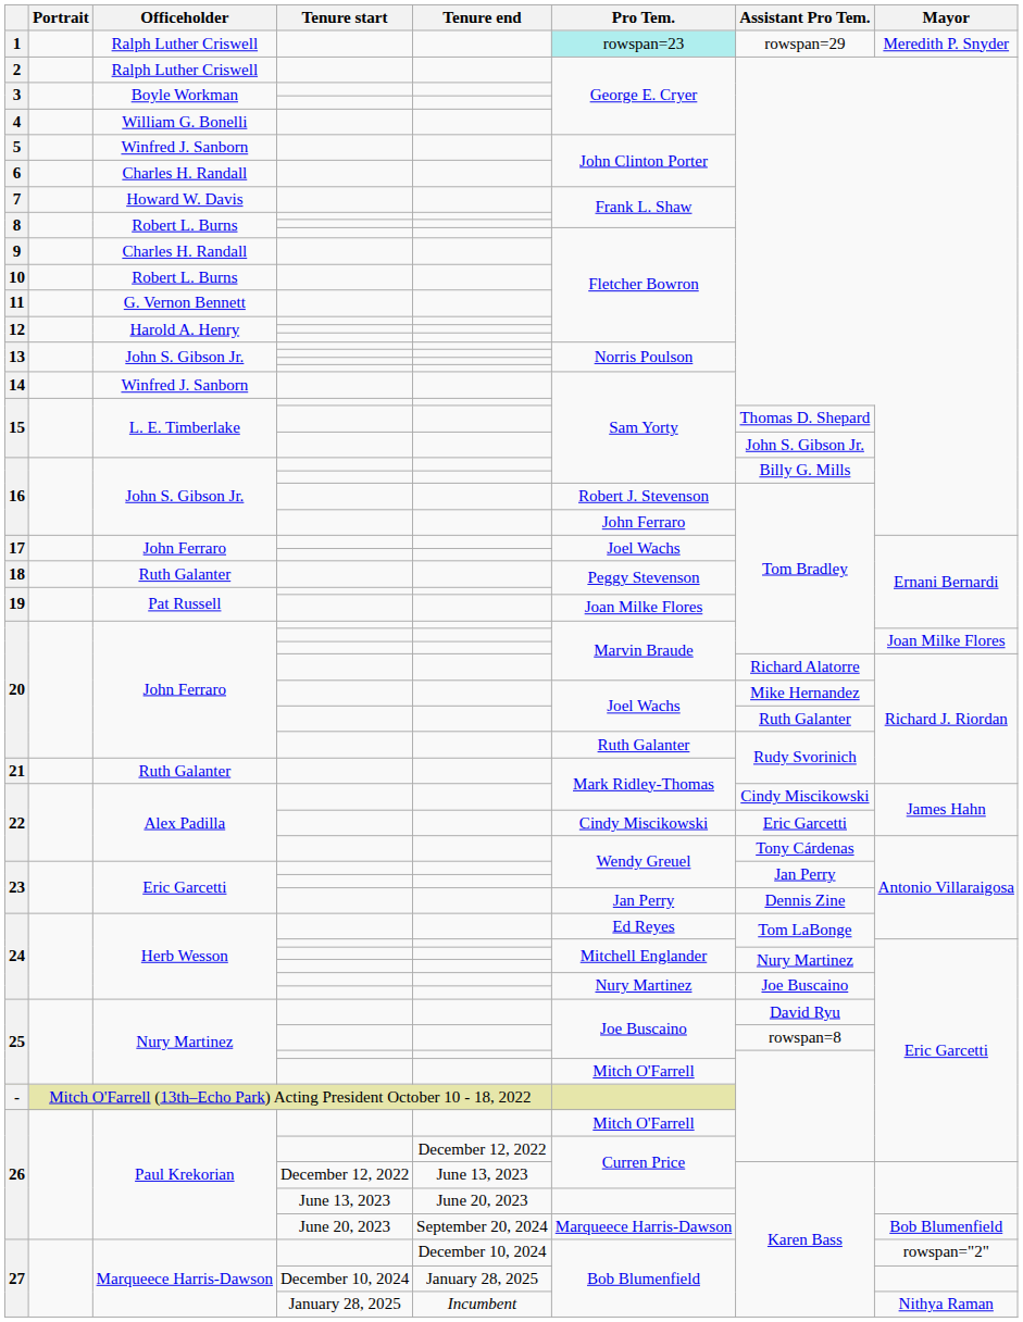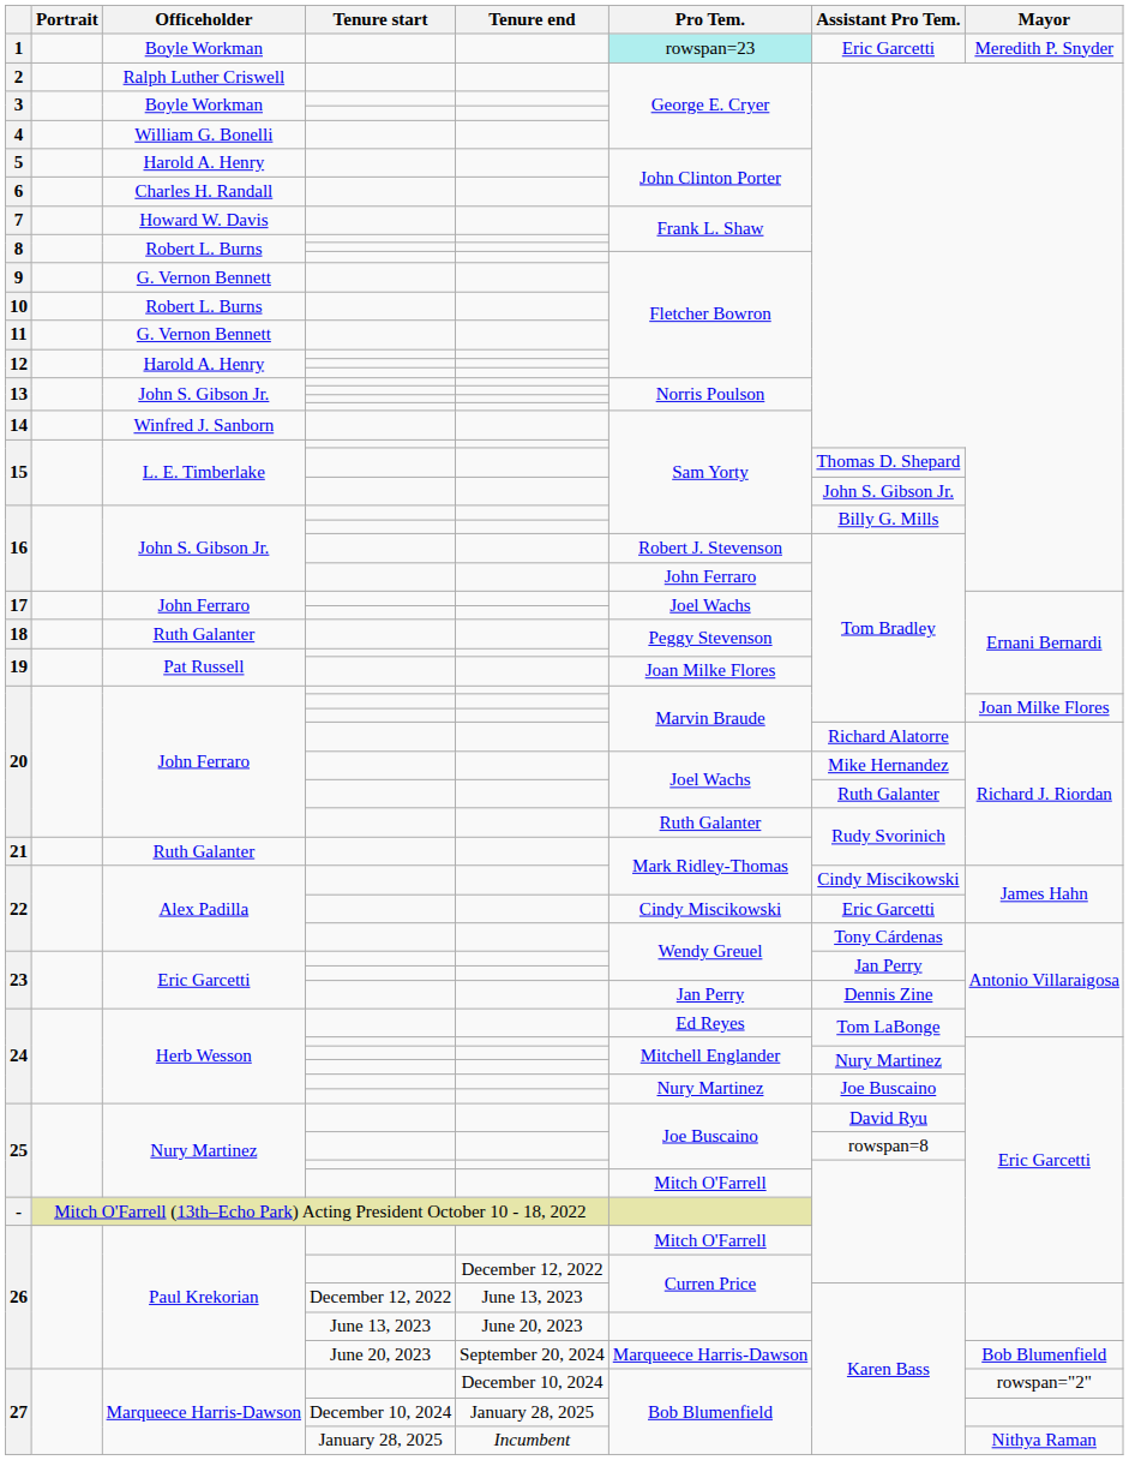 <table class="wikitable" style="text-align:center">
 <tr>
 <th></th>
 <th>Portrait</th>
 <th>Officeholder</th>
 <th>Tenure start</th>
 <th>Tenure end</th>
 <th>Pro Tem.</th>
 <th>Assistant Pro Tem.</th>
 <th>Mayor</th>
 </tr>
 <tr>
 <th>1</th>
 <td></td>
-<td data-sort-value="Criswell"><a href='#'>Ralph Luther Criswell</a> <br> </td>
+<td data-sort-value="Workman"><a href='#'>Boyle Workman</a><br> </td>
 <td></td>
 <td></td>
 <td style="background: paleturquoise;">rowspan=23 </td>
-<td>rowspan=29 </td>
+<td data-sort-value="Garcetti"><a href='#'>Eric Garcetti</a></td>
 <td data-sort-value="Snyder"><a href='#'>Meredith P. Snyder</a></td>
 </tr>
 <tr>
 <th>2</th>
 <td></td>
 <td data-sort-value="Criswell"><a href='#'>Ralph Luther Criswell</a> <br> </td>
 <td></td>
 <td></td>
 <td rowspan=4 data-sort-value="Cryer"><a href='#'>George E. Cryer</a></td>
 </tr>
 <tr>
 <th rowspan=2>3</th>
 <td rowspan=2></td>
 <td rowspan=2 data-sort-value="Workman"><a href='#'>Boyle Workman</a><br> </td>
 <td></td>
 <td></td>
 </tr>
 <tr>
 <td></td>
 <td></td>
 </tr>
 <tr>
 <th>4</th>
 <td></td>
 <td data-sort-value="Bonelli"><a href='#'>William G. Bonelli</a><br> </td>
 <td></td>
 <td></td>
 </tr>
 <tr>
 <th>5</th>
 <td></td>
-<td data-sort-value="Sanborn"><a href='#'>Winfred J. Sanborn</a> <br> </td>
+<td data-sort-value="Henry"><a href='#'>Harold A. Henry</a> <br> </td>
 <td></td>
 <td></td>
 <td rowspan=2 data-sort-value="Porter"><a href='#'>John Clinton Porter</a></td>
 </tr>
 <tr>
 <th>6</th>
 <td></td>
 <td data-sort-value="Randall"><a href='#'>Charles H. Randall</a> <br> </td>
 <td></td>
 <td></td>
 </tr>
 <tr>
 <th>7</th>
 <td></td>
 <td data-sort-value="Davis"><a href='#'>Howard W. Davis</a><br> </td>
 <td></td>
 <td></td>
 <td rowspan=3 data-sort-value="Shaw"><a href='#'>Frank L. Shaw</a></td>
 </tr>
 <tr>
 <th rowspan=3>8</th>
 <td rowspan=3></td>
 <td rowspan=3 data-sort-value="Burns"><a href='#'>Robert L. Burns</a> <br> </td>
 <td></td>
 <td></td>
 </tr>
 <tr>
 <td></td>
 <td></td>
 </tr>
 <tr>
 <td></td>
 <td></td>
 <td rowspan=7 data-sort-value="Bowron"><a href='#'>Fletcher Bowron</a></td>
 </tr>
 <tr>
 <th>9</th>
 <td></td>
-<td data-sort-value="Randall"><a href='#'>Charles H. Randall</a> <br> </td>
+<td data-sort-value="Bennett"><a href='#'>G. Vernon Bennett</a> <br> </td>
 <td></td>
 <td></td>
 </tr>
 <tr>
 <th>10</th>
 <td></td>
 <td data-sort-value="Burns"><a href='#'>Robert L. Burns</a> <br> </td>
 <td></td>
 <td></td>
 </tr>
 <tr>
 <th>11</th>
 <td></td>
 <td data-sort-value="Bennett"><a href='#'>G. Vernon Bennett</a> <br> </td>
 <td></td>
 <td></td>
 </tr>
 <tr>
 <th rowspan=3>12</th>
 <td rowspan=3></td>
 <td rowspan=3 data-sort-value="Henry"><a href='#'>Harold A. Henry</a><br> </td>
 <td></td>
 <td></td>
 </tr>
 <tr>
 <td></td>
 <td></td>
 </tr>
 <tr>
 <td></td>
 <td></td>
 </tr>
 <tr>
 <th rowspan=4>13</th>
 <td rowspan=4></td>
 <td rowspan=4 data-sort-value="Gibson"><a href='#'>John S. Gibson Jr.</a><br> </td>
 <td></td>
 <td></td>
 <td rowspan=4 data-sort-value="Poulson"><a href='#'>Norris Poulson</a></td>
 </tr>
 <tr>
 <td></td>
 <td></td>
 </tr>
 <tr>
 <td></td>
 <td></td>
 </tr>
 <tr>
 <td></td>
 <td></td>
 </tr>
 <tr>
 <th>14</th>
 <td></td>
 <td data-sort-value="Sanborn"><a href='#'>Winfred J. Sanborn</a> <br> </td>
 <td></td>
 <td></td>
 <td rowspan=6 data-sort-value="HYortynry"><a href='#'>Sam Yorty</a></td>
 </tr>
 <tr>
 <th rowspan=3>15</th>
 <td rowspan=3></td>
 <td rowspan=3 data-sort-value="Timberlake"><a href='#'>L. E. Timberlake</a> <br> </td>
 <td></td>
 <td></td>
 </tr>
 <tr>
 <td></td>
 <td></td>
 <td data-sort-value="Shepard"><a href='#'>Thomas D. Shepard</a></td>
 </tr>
 <tr>
 <td></td>
 <td></td>
 <td data-sort-value="Gibson"><a href='#'>John S. Gibson Jr.</a></td>
 </tr>
 <tr>
 <th rowspan=4>16</th>
 <td rowspan=4></td>
 <td rowspan=4 data-sort-value="Gibson"><a href='#'>John S. Gibson Jr.</a> <br> </td>
 <td></td>
 <td></td>
 <td rowspan=2 data-sort-value="Mills"><a href='#'>Billy G. Mills</a></td>
 </tr>
 <tr>
 <td></td>
 <td></td>
 </tr>
 <tr>
 <td></td>
 <td></td>
 <td data-sort-value="Stevenson"><a href='#'>Robert J. Stevenson</a></td>
 <td rowspan=10 data-sort-value="Bradley"><a href='#'>Tom Bradley</a></td>
 </tr>
 <tr>
 <td></td>
 <td></td>
 <td data-sort-value="Ferraro"><a href='#'>John Ferraro</a></td>
 </tr>
 <tr>
 <th rowspan=2>17</th>
 <td rowspan=2></td>
 <td rowspan=2 data-sort-value="Ferraro"><a href='#'>John Ferraro</a> <br> </td>
 <td></td>
 <td></td>
 <td rowspan=2 data-sort-value="Wachs"><a href='#'>Joel Wachs</a></td>
 <td rowspan=6 data-sort-value="Bernardi"><a href='#'>Ernani Bernardi</a></td>
 </tr>
 <tr>
 <td></td>
 <td></td>
 </tr>
 <tr>
 <th>18</th>
 <td></td>
 <td data-sort-value="Galanter"><a href='#'>Ruth Galanter</a> <br> </td>
 <td></td>
 <td></td>
 <td rowspan=2 data-sort-value="Stevenson"><a href='#'>Peggy Stevenson</a></td>
 </tr>
 <tr>
 <th rowspan=2>19</th>
 <td rowspan=2></td>
 <td rowspan=2 data-sort-value="Russell"><a href='#'>Pat Russell</a> <br> </td>
 <td></td>
 <td></td>
 </tr>
 <tr>
 <td></td>
 <td></td>
 <td data-sort-value="Flores"><a href='#'>Joan Milke Flores</a></td>
 </tr>
 <tr>
 <th rowspan=7>20</th>
 <td rowspan=7></td>
 <td rowspan=7 data-sort-value="Ferraro"><a href='#'>John Ferraro</a> <br> </td>
 <td></td>
 <td></td>
 <td rowspan=4 data-sort-value="Braude"><a href='#'>Marvin Braude</a></td>
 </tr>
 <tr>
 <td></td>
 <td></td>
 <td rowspan=2 data-sort-value="Flores"><a href='#'>Joan Milke Flores</a></td>
 </tr>
 <tr>
 <td></td>
 <td></td>
 </tr>
 <tr>
 <td></td>
 <td></td>
 <td data-sort-value="Alatorre"><a href='#'>Richard Alatorre</a></td>
 <td rowspan=5 data-sort-value="Riordan"><a href='#'>Richard J. Riordan</a></td>
 </tr>
 <tr>
 <td></td>
 <td></td>
 <td rowspan=2 data-sort-value="Wachs"><a href='#'>Joel Wachs</a></td>
 <td data-sort-value="Alatorre"><a href='#'>Mike Hernandez</a></td>
 </tr>
 <tr>
 <td></td>
 <td></td>
 <td data-sort-value="Galanter"><a href='#'>Ruth Galanter</a></td>
 </tr>
 <tr>
 <td></td>
 <td></td>
 <td data-sort-value="Galanter"><a href='#'>Ruth Galanter</a></td>
 <td rowspan=2 data-sort-value="Svorinich"><a href='#'>Rudy Svorinich</a></td>
 </tr>
 <tr>
 <th>21</th>
 <td></td>
 <td data-sort-value="Galanter"><a href='#'>Ruth Galanter</a> <br> </td>
 <td></td>
 <td></td>
 <td rowspan=2 data-sort-value="Ridley-Thomas"><a href='#'>Mark Ridley-Thomas</a></td>
 </tr>
 <tr>
 <th rowspan=3>22</th>
 <td rowspan=3></td>
 <td rowspan=3 data-sort-value="Padilla"><a href='#'>Alex Padilla</a><br> </td>
 <td></td>
 <td></td>
 <td data-sort-value="Miscikowski"><a href='#'>Cindy Miscikowski</a></td>
 <td rowspan=2 data-sort-value="Hahn"><a href='#'>James Hahn</a></td>
 </tr>
 <tr>
 <td></td>
 <td></td>
 <td data-sort-value="Miscikowski"><a href='#'>Cindy Miscikowski</a></td>
 <td data-sort-value="Garcetti"><a href='#'>Eric Garcetti</a></td>
 </tr>
 <tr>
 <td></td>
 <td></td>
 <td rowspan=3 data-sort-value="Greuel"><a href='#'>Wendy Greuel</a></td>
 <td><a href='#'>Tony Cárdenas</a></td>
 <td rowspan=5 data-sort-value="Villaraigosa"><a href='#'>Antonio Villaraigosa</a></td>
 </tr>
 <tr>
 <th rowspan=3>23</th>
 <td rowspan=3></td>
 <td rowspan=3 data-sort-value="Garcetti"><a href='#'>Eric Garcetti</a> <br> </td>
 <td></td>
 <td></td>
 <td rowspan=2 data-sort-value="Perry"><a href='#'>Jan Perry</a></td>
 </tr>
 <tr>
 <td></td>
 <td></td>
 </tr>
 <tr>
 <td></td>
 <td></td>
 <td rowspan=1 data-sort-value="Perry"><a href='#'>Jan Perry</a></td>
 <td rowspan=1 data-sort-value="Zine"><a href='#'>Dennis Zine</a></td>
 </tr>
 <tr>
 <th rowspan=6>24</th>
 <td rowspan=6></td>
 <td rowspan=6 data-sort-value="Wesson"><a href='#'>Herb Wesson</a><br> </td>
 <td></td>
 <td></td>
 <td rowspan=1 data-sort-value="Reyes"><a href='#'>Ed Reyes</a></td>
 <td rowspan=2 data-sort-value="LaBonge"><a href='#'>Tom LaBonge</a></td>
 </tr>
 <tr>
 <td></td>
 <td></td>
 <td rowspan=3 data-sort-value="Englander"><a href='#'>Mitchell Englander</a></td>
 <td rowspan="12" data-sort-value="Garcetti"><a href='#'>Eric Garcetti</a></td>
 </tr>
 <tr>
 <td></td>
 <td></td>
 <td rowspan=2 data-sort-value="Martinez"><a href='#'>Nury Martinez</a></td>
 </tr>
 <tr>
 <td></td>
 <td></td>
 </tr>
 <tr>
 <td></td>
 <td></td>
 <td rowspan=2 data-sort-value="Martinez"><a href='#'>Nury Martinez</a></td>
 <td rowspan=2 data-sort-value="Buscaino"><a href='#'>Joe Buscaino</a></td>
 </tr>
 <tr>
 <td></td>
 <td></td>
 </tr>
 <tr>
 <th rowspan=4>25</th>
 <td rowspan=4></td>
 <td rowspan=4 data-sort-value="Martinez"><a href='#'>Nury Martinez</a> <br> </td>
 <td></td>
 <td></td>
 <td rowspan=3 data-sort-value="Buscaino"><a href='#'>Joe Buscaino</a></td>
 <td rowspan=1 data-sort-value="Ryu"><a href='#'>David Ryu</a></td>
 </tr>
 <tr>
 <td></td>
 <td></td>
 <td>rowspan=8 </td>
 </tr>
 <tr>
 <td></td>
 <td></td>
 </tr>
 <tr>
 <td></td>
 <td></td>
 <td data-sort-value="O'Farrell"><a href='#'>Mitch O'Farrell</a></td>
 </tr>
 <tr bgcolor="#e6e6aa">
 <th>-</th>
 <td colspan="4"><a href='#'>Mitch O'Farrell</a> (<a href='#'>13th–Echo Park</a>) Acting President October 10 - 18, 2022</td>
 <td></td>
 </tr>
 <tr>
 <th rowspan="5">26</th>
 <td rowspan="5"></td>
 <td rowspan="5" data-sort-value="Krekorian"><a href='#'>Paul Krekorian</a> <br> </td>
 <td rowspan="1"></td>
 <td rowspan="1"></td>
 <td><a href='#'>Mitch O'Farrell</a></td>
 </tr>
 <tr>
 <td rowspan=1></td>
 <td rowspan=1>December 12, 2022</td>
 <td rowspan="2" data-sort-value="Price"><a href='#'>Curren Price</a></td>
 </tr>
 <tr>
 <td>December 12, 2022</td>
 <td>June 13, 2023</td>
 <td rowspan="6"><a href='#'>Karen Bass</a></td>
 </tr>
 <tr>
 <td>June 13, 2023</td>
 <td>June 20, 2023</td>
 <td></td>
 </tr>
 <tr>
 <td>June 20, 2023</td>
 <td>September 20, 2024</td>
 <td><a href='#'>Marqueece Harris-Dawson</a></td>
 <td><a href='#'>Bob Blumenfield</a></td>
 </tr>
 <tr>
 <th rowspan="3">27</th>
 <td rowspan="3"></td>
 <td rowspan="3" data-sort-value="Harris-Dawson"><a href='#'>Marqueece Harris-Dawson</a><br></td>
 <td rowspan="1"></td>
 <td rowspan="1">December 10, 2024</td>
 <td rowspan="3"><a href='#'>Bob Blumenfield</a></td>
 <td>rowspan="2" </td>
 </tr>
 <tr>
 <td>December 10, 2024</td>
 <td>January 28, 2025</td>
 </tr>
 <tr>
 <td>January 28, 2025</td>
 <td><em>Incumbent</em></td>
 <td><a href='#'>Nithya Raman</a></td>
 </tr>
 </table>
